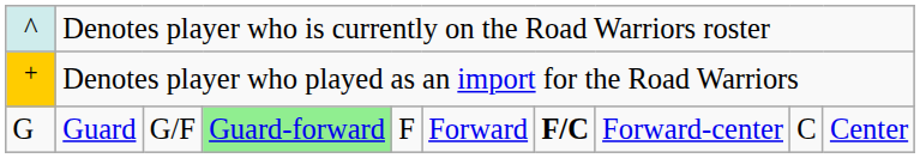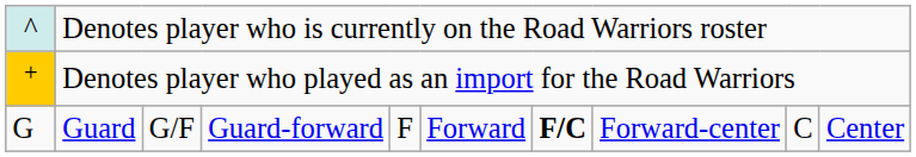 <table class="wikitable">
 <tr>
 <td align="center" bgcolor="#CFECEC" width="20">^</td>
 <td colspan=9>Denotes player who is currently on the Road Warriors roster</td>
 </tr>
 <tr>
 <td align="center" bgcolor="#FFCC00" width="20"><sup>+</sup></td>
 <td colspan=9>Denotes player who played as an <a href='#'>import</a> for the Road Warriors</td>
 </tr>
 <tr>
 <td>G</td>
 <td><a href='#'>Guard</a></td>
 <td>G/F</td>
-<td style="background: lightgreen;"><a href='#'>Guard-forward</a></td>
+<td><a href='#'>Guard-forward</a></td>
 <td>F</td>
 <td><a href='#'>Forward</a></td>
 <td><strong>F/C</strong></td>
 <td><a href='#'>Forward-center</a></td>
 <td>C</td>
 <td><a href='#'>Center</a></td>
 </tr>
 </table>
